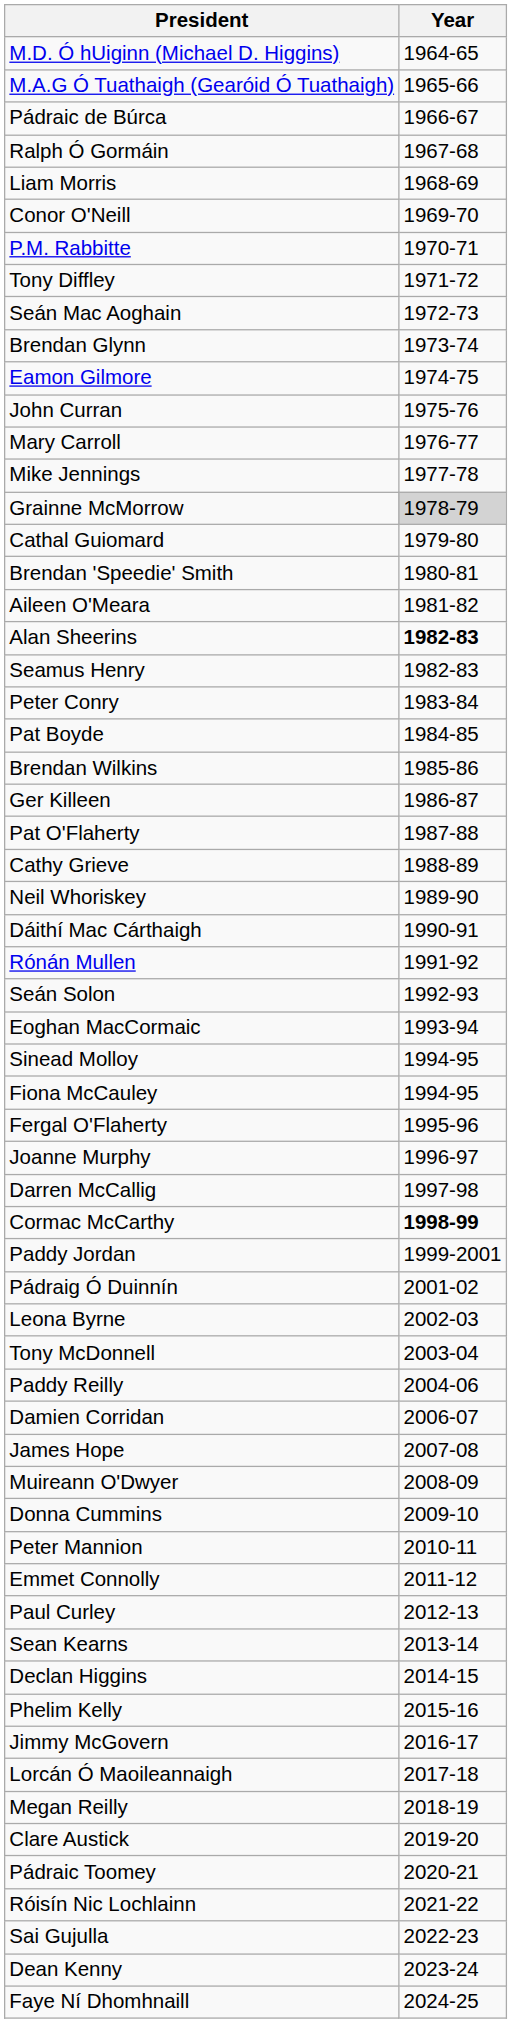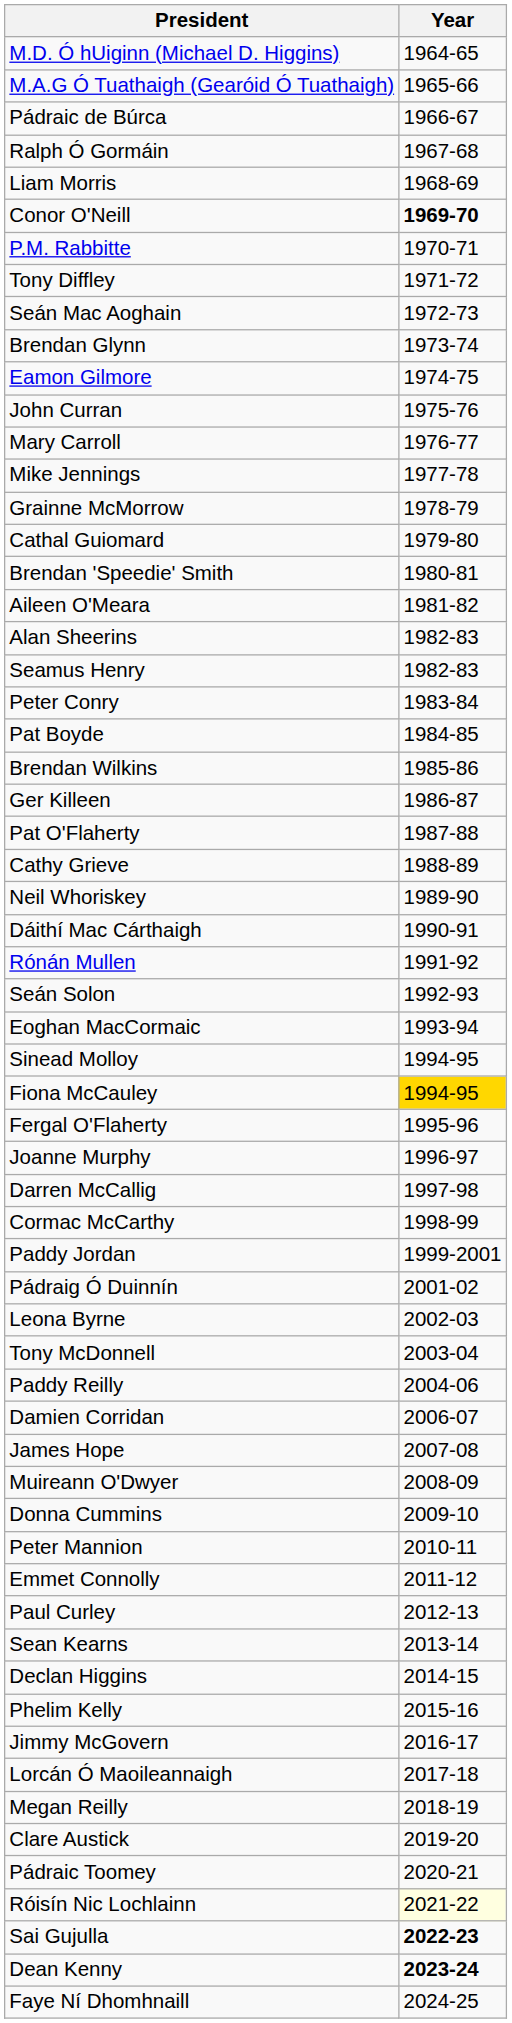 <table class="wikitable">
 <tr>
 <th>President</th>
 <th>Year</th>
 </tr>
 <tr>
 <td><a href='#'>M.D. Ó hUiginn (Michael D. Higgins)</a></td>
 <td>1964-65</td>
 </tr>
 <tr>
 <td><a href='#'>M.A.G Ó Tuathaigh (Gearóid Ó Tuathaigh)</a></td>
 <td>1965-66</td>
 </tr>
 <tr>
 <td>Pádraic de Búrca</td>
 <td>1966-67</td>
 </tr>
 <tr>
 <td>Ralph Ó Gormáin</td>
 <td>1967-68</td>
 </tr>
 <tr>
 <td>Liam Morris</td>
 <td>1968-69</td>
 </tr>
 <tr>
 <td>Conor O'Neill</td>
-<td>1969-70</td>
+<td><strong>1969-70</strong></td>
 </tr>
 <tr>
 <td><a href='#'>P.M. Rabbitte</a></td>
 <td>1970-71</td>
 </tr>
 <tr>
 <td>Tony Diffley</td>
 <td>1971-72</td>
 </tr>
 <tr>
 <td>Seán Mac Aoghain</td>
 <td>1972-73</td>
 </tr>
 <tr>
 <td>Brendan Glynn</td>
 <td>1973-74</td>
 </tr>
 <tr>
 <td><a href='#'>Eamon Gilmore</a></td>
 <td>1974-75</td>
 </tr>
 <tr>
 <td>John Curran</td>
 <td>1975-76</td>
 </tr>
 <tr>
 <td>Mary Carroll</td>
 <td>1976-77</td>
 </tr>
 <tr>
 <td>Mike Jennings</td>
 <td>1977-78</td>
 </tr>
 <tr>
 <td>Grainne McMorrow</td>
-<td style="background: lightgrey;">1978-79</td>
+<td>1978-79</td>
 </tr>
 <tr>
 <td>Cathal Guiomard</td>
 <td>1979-80</td>
 </tr>
 <tr>
 <td>Brendan 'Speedie' Smith</td>
 <td>1980-81</td>
 </tr>
 <tr>
 <td>Aileen O'Meara</td>
 <td>1981-82</td>
 </tr>
 <tr>
 <td>Alan Sheerins</td>
-<td><strong>1982-83</strong></td>
+<td>1982-83</td>
 </tr>
 <tr>
 <td>Seamus Henry</td>
 <td>1982-83</td>
 </tr>
 <tr>
 <td>Peter Conry</td>
 <td>1983-84</td>
 </tr>
 <tr>
 <td>Pat Boyde</td>
 <td>1984-85</td>
 </tr>
 <tr>
 <td>Brendan Wilkins</td>
 <td>1985-86</td>
 </tr>
 <tr>
 <td>Ger Killeen</td>
 <td>1986-87</td>
 </tr>
 <tr>
 <td>Pat O'Flaherty</td>
 <td>1987-88</td>
 </tr>
 <tr>
 <td>Cathy Grieve</td>
 <td>1988-89</td>
 </tr>
 <tr>
 <td>Neil Whoriskey</td>
 <td>1989-90</td>
 </tr>
 <tr>
 <td>Dáithí Mac Cárthaigh</td>
 <td>1990-91</td>
 </tr>
 <tr>
 <td><a href='#'>Rónán Mullen</a></td>
 <td>1991-92</td>
 </tr>
 <tr>
 <td>Seán Solon</td>
 <td>1992-93</td>
 </tr>
 <tr>
 <td>Eoghan MacCormaic</td>
 <td>1993-94</td>
 </tr>
 <tr>
 <td>Sinead Molloy</td>
 <td>1994-95</td>
 </tr>
 <tr>
 <td>Fiona McCauley</td>
-<td>1994-95</td>
+<td style="background: gold;">1994-95</td>
 </tr>
 <tr>
 <td>Fergal O'Flaherty</td>
 <td>1995-96</td>
 </tr>
 <tr>
 <td>Joanne Murphy</td>
 <td>1996-97</td>
 </tr>
 <tr>
 <td>Darren McCallig</td>
 <td>1997-98</td>
 </tr>
 <tr>
 <td>Cormac McCarthy</td>
-<td><strong>1998-99</strong></td>
+<td>1998-99</td>
 </tr>
 <tr>
 <td>Paddy Jordan</td>
 <td>1999-2001</td>
 </tr>
 <tr>
 <td>Pádraig Ó Duinnín</td>
 <td>2001-02</td>
 </tr>
 <tr>
 <td>Leona Byrne</td>
 <td>2002-03</td>
 </tr>
 <tr>
 <td>Tony McDonnell</td>
 <td>2003-04</td>
 </tr>
 <tr>
 <td>Paddy Reilly</td>
 <td>2004-06</td>
 </tr>
 <tr>
 <td>Damien Corridan</td>
 <td>2006-07</td>
 </tr>
 <tr>
 <td>James Hope</td>
 <td>2007-08</td>
 </tr>
 <tr>
 <td>Muireann O'Dwyer</td>
 <td>2008-09</td>
 </tr>
 <tr>
 <td>Donna Cummins</td>
 <td>2009-10</td>
 </tr>
 <tr>
 <td>Peter Mannion</td>
 <td>2010-11</td>
 </tr>
 <tr>
 <td>Emmet Connolly</td>
 <td>2011-12</td>
 </tr>
 <tr>
 <td>Paul Curley</td>
 <td>2012-13</td>
 </tr>
 <tr>
 <td>Sean Kearns</td>
 <td>2013-14</td>
 </tr>
 <tr>
 <td>Declan Higgins</td>
 <td>2014-15</td>
 </tr>
 <tr>
 <td>Phelim Kelly</td>
 <td>2015-16</td>
 </tr>
 <tr>
 <td>Jimmy McGovern</td>
 <td>2016-17</td>
 </tr>
 <tr>
 <td>Lorcán Ó Maoileannaigh</td>
 <td>2017-18</td>
 </tr>
 <tr>
 <td>Megan Reilly</td>
 <td>2018-19</td>
 </tr>
 <tr>
 <td>Clare Austick</td>
 <td>2019-20</td>
 </tr>
 <tr>
 <td>Pádraic Toomey</td>
 <td>2020-21</td>
 </tr>
 <tr>
 <td>Róisín Nic Lochlainn</td>
-<td>2021-22</td>
+<td style="background: lightyellow;">2021-22</td>
 </tr>
 <tr>
 <td>Sai Gujulla</td>
-<td>2022-23</td>
+<td><strong>2022-23</strong></td>
 </tr>
 <tr>
 <td>Dean Kenny</td>
-<td>2023-24</td>
+<td><strong>2023-24</strong></td>
 </tr>
 <tr>
 <td>Faye Ní Dhomhnaill</td>
 <td>2024-25</td>
 </tr>
 </table>
